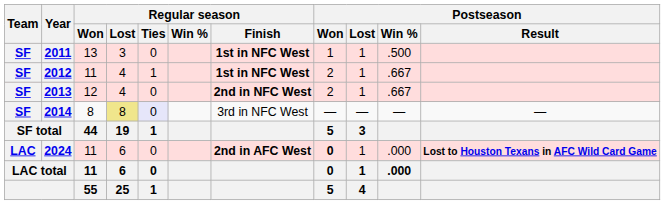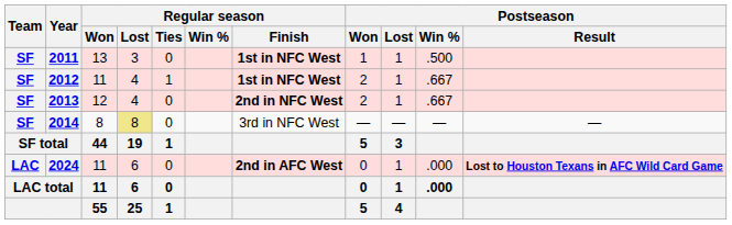 <table class="wikitable" style="font-size: 95%; text-align:center;">
 <tr>
 <th rowspan="2">Team</th>
 <th rowspan="2">Year</th>
 <th colspan="5">Regular season</th>
 <th colspan="4">Postseason</th>
 </tr>
 <tr>
 <th>Won</th>
 <th>Lost</th>
 <th>Ties</th>
 <th>Win %</th>
 <th>Finish</th>
 <th>Won</th>
 <th>Lost</th>
 <th>Win %</th>
 <th>Result</th>
 </tr>
 <tr ! style="background:#fdd;">
 <th><a href='#'>SF</a></th>
 <th><a href='#'>2011</a></th>
 <td>13</td>
 <td>3</td>
 <td>0</td>
 <td></td>
 <td><strong>1st in NFC West</strong></td>
 <td>1</td>
 <td>1</td>
 <td>.500</td>
 <td><strong></strong></td>
 </tr>
 <tr ! style="background:#fdd;">
 <th><a href='#'>SF</a></th>
 <th><a href='#'>2012</a></th>
 <td>11</td>
 <td>4</td>
 <td>1</td>
 <td></td>
 <td><strong>1st in NFC West</strong></td>
 <td>2</td>
 <td>1</td>
 <td>.667</td>
 <td><strong></strong></td>
 </tr>
 <tr ! style="background:#fdd;">
 <th><a href='#'>SF</a></th>
 <th><a href='#'>2013</a></th>
 <td>12</td>
 <td>4</td>
 <td>0</td>
 <td></td>
 <td><strong>2nd in NFC West</strong></td>
 <td>2</td>
 <td>1</td>
 <td>.667</td>
 <td><strong></strong></td>
 </tr>
 <tr>
 <th><a href='#'>SF</a></th>
 <th><a href='#'>2014</a></th>
 <td>8</td>
 <td style="background: khaki;">8</td>
-<td style="background: lavender;">0</td>
+<td>0</td>
 <td></td>
 <td>3rd in NFC West</td>
 <td>—</td>
 <td>—</td>
 <td>—</td>
 <td>—</td>
 </tr>
 <tr>
 <th colspan="2">SF total</th>
 <th>44</th>
 <th>19</th>
 <th>1</th>
 <th></th>
 <th></th>
 <th>5</th>
 <th>3</th>
 <th></th>
 <th></th>
 </tr>
 <tr ! style="background:#fdd;">
 <th><a href='#'>LAC</a></th>
 <th><a href='#'>2024</a></th>
 <td>11</td>
 <td>6</td>
 <td>0</td>
 <td></td>
 <td><strong>2nd in AFC West</strong></td>
-<td><strong>0</strong></td>
+<td>0</td>
 <td>1</td>
 <td>.000</td>
 <td><small><strong>Lost to <a href='#'>Houston Texans</a> in <a href='#'>AFC Wild Card Game</a></strong></small></td>
 </tr>
 <tr>
 <th colspan="2">LAC total</th>
 <th>11</th>
 <th>6</th>
 <th>0</th>
 <th></th>
 <th></th>
 <th>0</th>
 <th>1</th>
 <th>.000</th>
 <th></th>
 </tr>
 <tr>
 <th colspan="2"></th>
 <th>55</th>
 <th>25</th>
 <th>1</th>
 <th></th>
 <th></th>
 <th>5</th>
 <th>4</th>
 <th></th>
 <th></th>
 </tr>
 </table>
